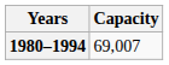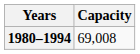 <table class="wikitable">
 <tr>
 <th scope="row">Years</th>
 <th scope="row">Capacity</th>
 </tr>
 <tr>
 <th scope="row">1980–1994</th>
-<td><div>69,007</div></td>
+<td><div>69,008</div></td>
 </tr>
 </table>
